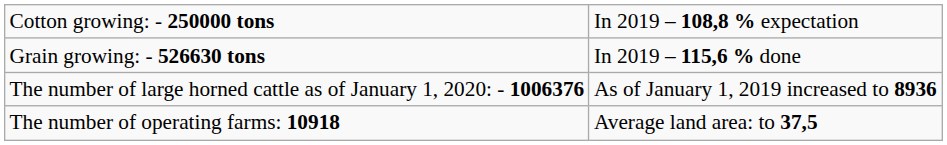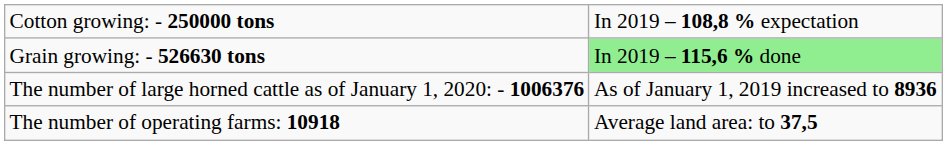 <table class="wikitable">
 <tr>
 <td>Cotton growing: - <strong>250000 tons</strong></td>
 <td>In 2019 – <strong>108,8 %</strong> expectation</td>
 </tr>
 <tr>
 <td>Grain growing: - <strong>526630 tons</strong></td>
-<td>In 2019 – <strong>115,6 %</strong> done</td>
+<td style="background: lightgreen;">In 2019 – <strong>115,6 %</strong> done</td>
 </tr>
 <tr>
 <td>The number of large horned cattle as of January 1, 2020: - <strong>1006376</strong></td>
 <td>As of January 1, 2019 increased to <strong>8936</strong></td>
 </tr>
 <tr>
 <td>The number of operating farms: <strong>10918</strong></td>
 <td>Average land area: to <strong>37,5</strong></td>
 </tr>
 </table>
